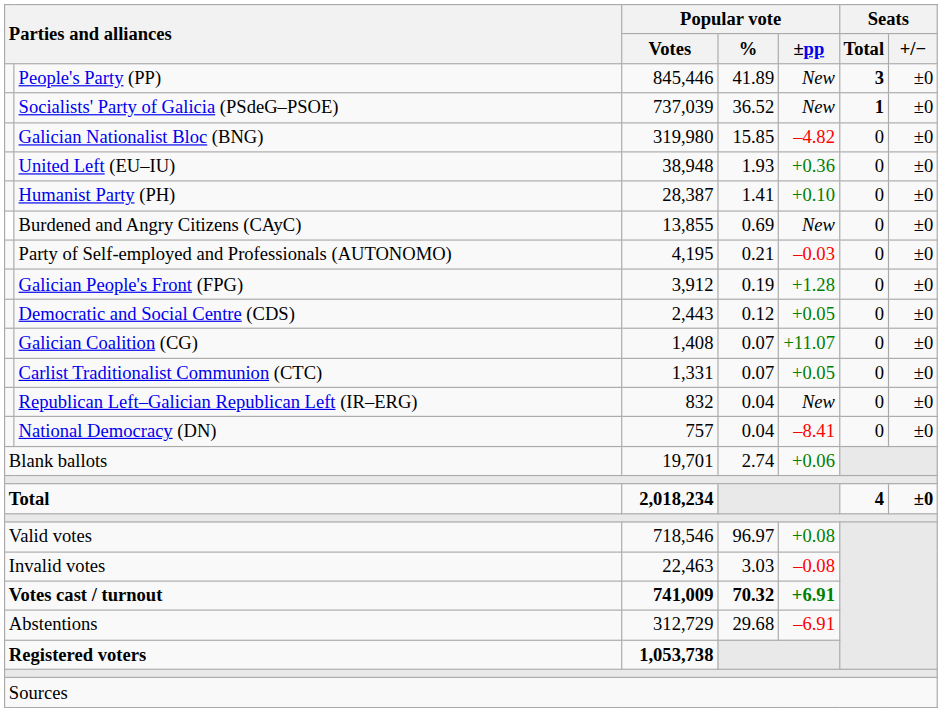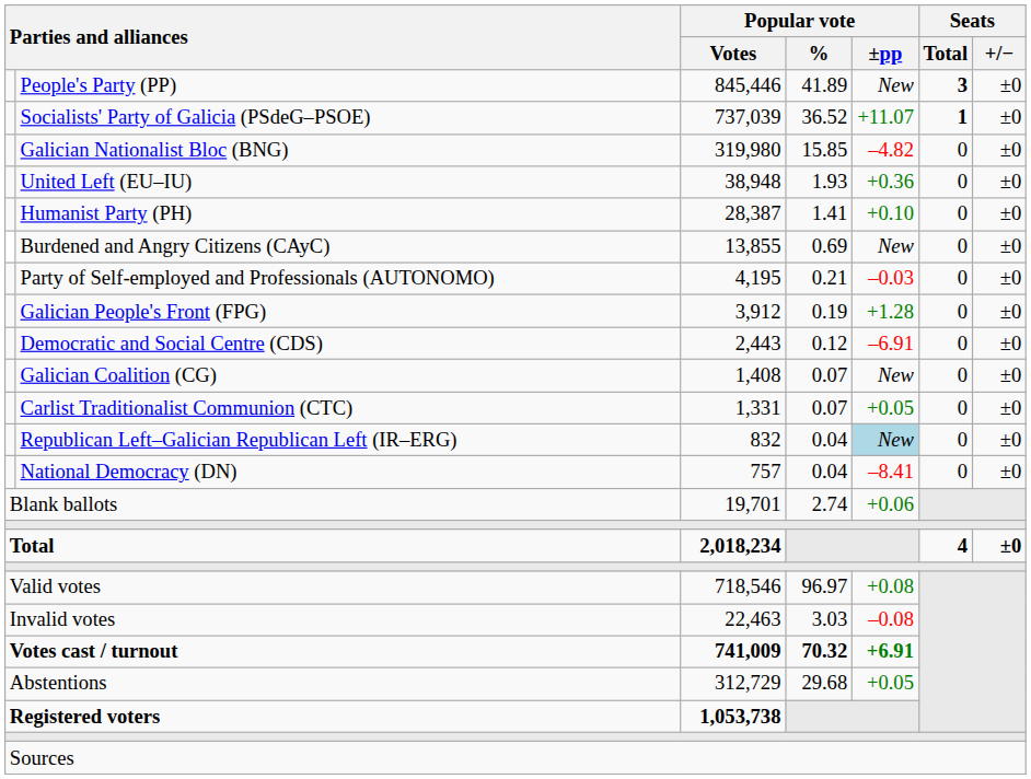 <table class="wikitable" style="text-align:right;">
 <tr>
 <th style="text-align:left;" rowspan="2" colspan="2" width="525">Parties and alliances</th>
 <th colspan="3">Popular vote</th>
 <th colspan="2">Seats</th>
 </tr>
 <tr>
 <th width="75">Votes</th>
 <th width="45">%</th>
 <th width="45">±<a href='#'>pp</a></th>
 <th width="35">Total</th>
 <th width="35">+/−</th>
 </tr>
 <tr>
 <td width="1" style="color:inherit;background:"></td>
 <td align="left"><a href='#'>People's Party</a> (PP)</td>
 <td>845,446</td>
 <td>41.89</td>
 <td><em>New</em></td>
 <td><strong>3</strong></td>
 <td>±0</td>
 </tr>
 <tr>
 <td style="color:inherit;background:"></td>
 <td align="left"><a href='#'>Socialists' Party of Galicia</a> (PSdeG–PSOE)</td>
 <td>737,039</td>
 <td>36.52</td>
-<td><em>New</em></td>
+<td style="color:green;">+11.07</td>
 <td><strong>1</strong></td>
 <td>±0</td>
 </tr>
 <tr>
 <td style="color:inherit;background:"></td>
 <td align="left"><a href='#'>Galician Nationalist Bloc</a> (BNG)</td>
 <td>319,980</td>
 <td>15.85</td>
 <td style="color:red;">–4.82</td>
 <td>0</td>
 <td>±0</td>
 </tr>
 <tr>
 <td style="color:inherit;background:"></td>
 <td align="left"><a href='#'>United Left</a> (EU–IU)</td>
 <td>38,948</td>
 <td>1.93</td>
 <td style="color:green;">+0.36</td>
 <td>0</td>
 <td>±0</td>
 </tr>
 <tr>
 <td style="color:inherit;background:"></td>
 <td align="left"><a href='#'>Humanist Party</a> (PH)</td>
 <td>28,387</td>
 <td>1.41</td>
 <td style="color:green;">+0.10</td>
 <td>0</td>
 <td>±0</td>
 </tr>
 <tr>
 <td bgcolor="white"></td>
 <td align="left">Burdened and Angry Citizens (CAyC)</td>
 <td>13,855</td>
 <td>0.69</td>
 <td><em>New</em></td>
 <td>0</td>
 <td>±0</td>
 </tr>
 <tr>
 <td style="color:inherit;background:"></td>
 <td align="left">Party of Self-employed and Professionals (AUTONOMO)</td>
 <td>4,195</td>
 <td>0.21</td>
 <td style="color:red;">–0.03</td>
 <td>0</td>
 <td>±0</td>
 </tr>
 <tr>
 <td style="color:inherit;background:"></td>
 <td align="left"><a href='#'>Galician People's Front</a> (FPG)</td>
 <td>3,912</td>
 <td>0.19</td>
 <td style="color:green;">+1.28</td>
 <td>0</td>
 <td>±0</td>
 </tr>
 <tr>
 <td style="color:inherit;background:"></td>
 <td align="left"><a href='#'>Democratic and Social Centre</a> (CDS)</td>
 <td>2,443</td>
 <td>0.12</td>
-<td style="color:green;">+0.05</td>
+<td style="color:red;">–6.91</td>
 <td>0</td>
 <td>±0</td>
 </tr>
 <tr>
 <td style="color:inherit;background:"></td>
 <td align="left"><a href='#'>Galician Coalition</a> (CG)</td>
 <td>1,408</td>
 <td>0.07</td>
-<td style="color:green;">+11.07</td>
+<td><em>New</em></td>
 <td>0</td>
 <td>±0</td>
 </tr>
 <tr>
 <td style="color:inherit;background:"></td>
 <td align="left"><a href='#'>Carlist Traditionalist Communion</a> (CTC)</td>
 <td>1,331</td>
 <td>0.07</td>
 <td style="color:green;">+0.05</td>
 <td>0</td>
 <td>±0</td>
 </tr>
 <tr>
 <td style="color:inherit;background:"></td>
 <td align="left"><a href='#'>Republican Left–Galician Republican Left</a> (IR–ERG)</td>
 <td>832</td>
 <td>0.04</td>
-<td><em>New</em></td>
+<td style="background: lightblue;"><em>New</em></td>
 <td>0</td>
 <td>±0</td>
 </tr>
 <tr>
 <td style="color:inherit;background:"></td>
 <td align="left"><a href='#'>National Democracy</a> (DN)</td>
 <td>757</td>
 <td>0.04</td>
 <td style="color:red;">–8.41</td>
 <td>0</td>
 <td>±0</td>
 </tr>
 <tr>
 <td align="left" colspan="2">Blank ballots</td>
 <td>19,701</td>
 <td>2.74</td>
 <td style="color:green;">+0.06</td>
 <td bgcolor="#E9E9E9" colspan="2"></td>
 </tr>
 <tr>
 <td colspan="7" bgcolor="#E9E9E9"></td>
 </tr>
 <tr style="font-weight:bold;">
 <td align="left" colspan="2">Total</td>
 <td>2,018,234</td>
 <td bgcolor="#E9E9E9" colspan="2"></td>
 <td>4</td>
 <td>±0</td>
 </tr>
 <tr>
 <td colspan="7" bgcolor="#E9E9E9"></td>
 </tr>
 <tr>
 <td align="left" colspan="2">Valid votes</td>
 <td>718,546</td>
 <td>96.97</td>
 <td style="color:green;">+0.08</td>
 <td bgcolor="#E9E9E9" colspan="2" rowspan="5"></td>
 </tr>
 <tr>
 <td align="left" colspan="2">Invalid votes</td>
 <td>22,463</td>
 <td>3.03</td>
 <td style="color:red;">–0.08</td>
 </tr>
 <tr style="font-weight:bold;">
 <td align="left" colspan="2">Votes cast / turnout</td>
 <td>741,009</td>
 <td>70.32</td>
 <td style="color:green;">+6.91</td>
 </tr>
 <tr>
 <td align="left" colspan="2">Abstentions</td>
 <td>312,729</td>
 <td>29.68</td>
-<td style="color:red;">–6.91</td>
+<td style="color:green;">+0.05</td>
 </tr>
 <tr style="font-weight:bold;">
 <td align="left" colspan="2">Registered voters</td>
 <td>1,053,738</td>
 <td bgcolor="#E9E9E9" colspan="2"></td>
 </tr>
 <tr>
 <td colspan="7" bgcolor="#E9E9E9"></td>
 </tr>
 <tr>
 <td align="left" colspan="7">Sources</td>
 </tr>
 </table>
